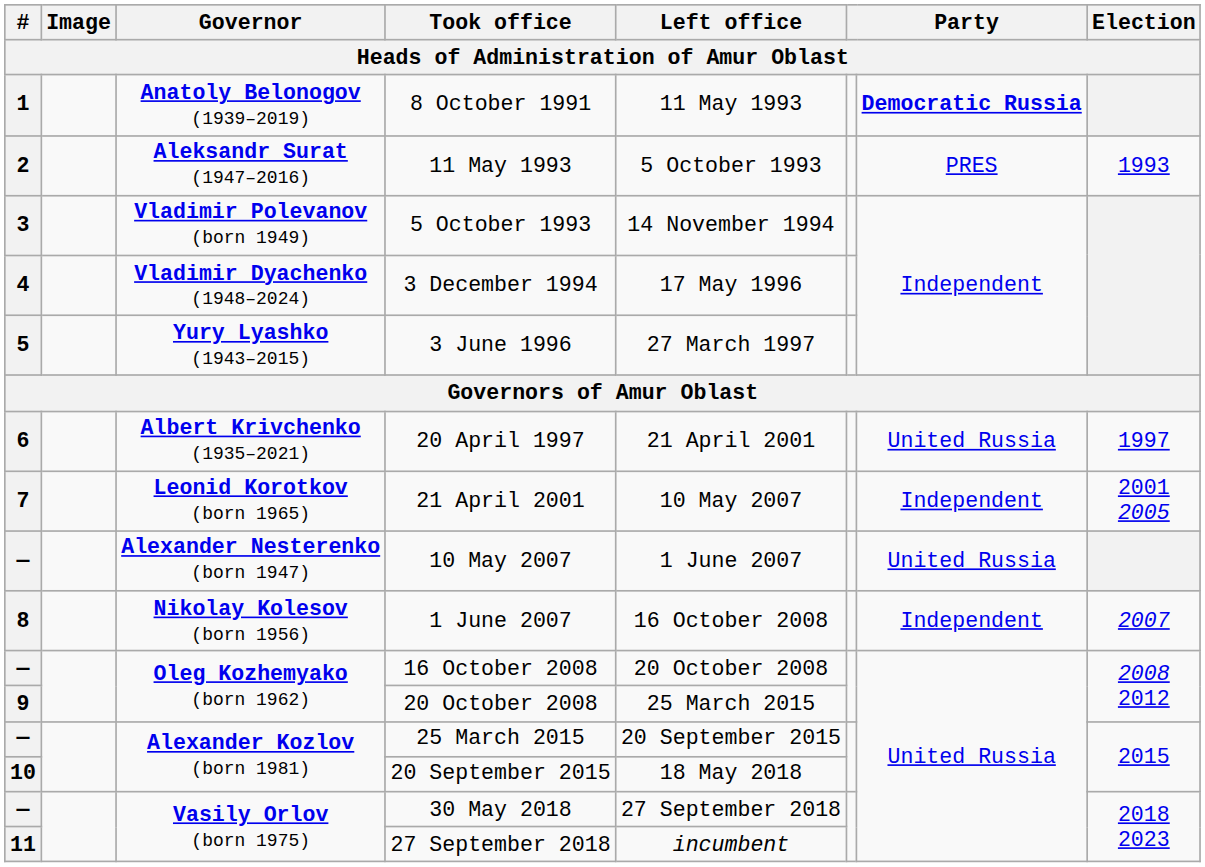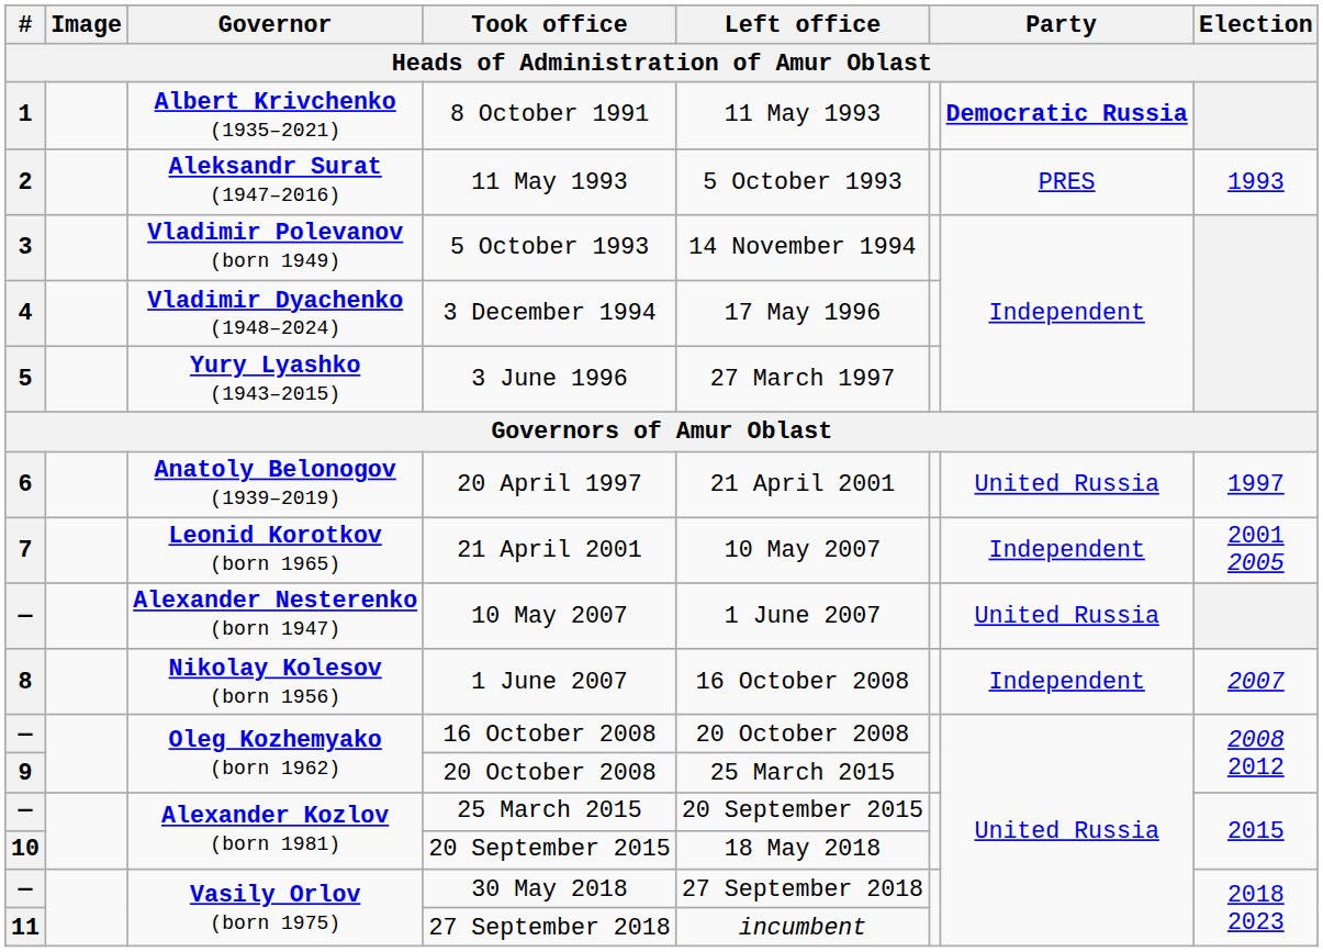 <table class="wikitable" style="text-align: center;">
 <tr>
 <th>#</th>
 <th>Image</th>
 <th>Governor</th>
 <th>Took office</th>
 <th>Left office</th>
 <th colspan=2>Party</th>
 <th>Election</th>
 </tr>
 <tr>
 <th colspan= 8>Heads of Administration of Amur Oblast</th>
 </tr>
 <tr>
 <th>1</th>
 <td></td>
-<td><strong><a href='#'>Anatoly Belonogov</a></strong><br><small>(1939–2019)</small></td>
+<td><strong><a href='#'>Albert Krivchenko</a></strong><br><small>(1935–2021)</small></td>
 <td>8 October 1991</td>
 <td>11 May 1993</td>
 <td style="background: "></td>
 <td><strong><a href='#'>Democratic Russia</a></strong></td>
 <th></th>
 </tr>
 <tr>
 <th>2</th>
 <td></td>
 <td><strong><a href='#'>Aleksandr Surat</a></strong><br><small>(1947–2016)</small></td>
 <td>11 May 1993</td>
 <td>5 October 1993</td>
 <td style="background: "></td>
 <td><a href='#'>PRES</a></td>
 <td><a href='#'>1993</a></td>
 </tr>
 <tr>
 <th>3</th>
 <td></td>
 <td><strong><a href='#'>Vladimir Polevanov</a></strong><br><small>(born 1949)</small></td>
 <td>5 October 1993</td>
 <td>14 November 1994</td>
 <td style="background: "></td>
 <td rowspan=3><a href='#'>Independent</a></td>
 <th rowspan=3></th>
 </tr>
 <tr>
 <th>4</th>
 <td></td>
 <td><strong><a href='#'>Vladimir Dyachenko</a></strong><br><small>(1948–2024)</small></td>
 <td>3 December 1994</td>
 <td>17 May 1996</td>
 <td style="background: "></td>
 </tr>
 <tr>
 <th>5</th>
 <td></td>
 <td><strong><a href='#'>Yury Lyashko</a></strong><br><small>(1943–2015)</small></td>
 <td>3 June 1996</td>
 <td>27 March 1997</td>
 <td style="background: "></td>
 </tr>
 <tr>
 <th colspan= 8>Governors of Amur Oblast</th>
 </tr>
 <tr>
 <th>6</th>
 <td></td>
-<td><strong><a href='#'>Albert Krivchenko</a></strong><br><small>(1935–2021)</small></td>
+<td><strong><a href='#'>Anatoly Belonogov</a></strong><br><small>(1939–2019)</small></td>
 <td>20 April 1997</td>
 <td>21 April 2001</td>
 <td style="background: "></td>
 <td><a href='#'>United Russia</a></td>
 <td><a href='#'>1997</a></td>
 </tr>
 <tr>
 <th>7</th>
 <td></td>
 <td><strong><a href='#'>Leonid Korotkov</a></strong><br><small>(born 1965)</small></td>
 <td>21 April 2001</td>
 <td>10 May 2007</td>
 <td style="background: "></td>
 <td><a href='#'>Independent</a></td>
 <td><a href='#'>2001</a><br><em><a href='#'>2005</a></em></td>
 </tr>
 <tr>
 <th>—</th>
 <td></td>
 <td><strong><a href='#'>Alexander Nesterenko</a></strong><br><small>(born 1947)</small></td>
 <td>10 May 2007</td>
 <td>1 June 2007</td>
 <td style="background: "></td>
 <td><a href='#'>United Russia</a></td>
 <th></th>
 </tr>
 <tr>
 <th>8</th>
 <td></td>
 <td><strong><a href='#'>Nikolay Kolesov</a></strong><br><small>(born 1956)</small></td>
 <td>1 June 2007</td>
 <td>16 October 2008</td>
 <td style="background: "></td>
 <td><a href='#'>Independent</a></td>
 <td><em><a href='#'>2007</a></em></td>
 </tr>
 <tr>
 <th>—</th>
 <td rowspan=2></td>
 <td rowspan=2><strong><a href='#'>Oleg Kozhemyako</a></strong><br><small>(born 1962)</small></td>
 <td>16 October 2008</td>
 <td>20 October 2008</td>
 <td rowspan=2; style="background: "></td>
 <td rowspan=6><a href='#'>United Russia</a></td>
 <td rowspan=2><em><a href='#'>2008</a></em><br><a href='#'>2012</a></td>
 </tr>
 <tr>
 <th>9</th>
 <td>20 October 2008</td>
 <td>25 March 2015</td>
 </tr>
 <tr>
 <th>—</th>
 <td rowspan=2></td>
 <td rowspan=2><strong><a href='#'>Alexander Kozlov</a></strong><br><small>(born 1981)</small></td>
 <td>25 March 2015</td>
 <td>20 September 2015</td>
 <td rowspan=2; style="background: "></td>
 <td rowspan=2><a href='#'>2015</a></td>
 </tr>
 <tr>
 <th>10</th>
 <td>20 September 2015</td>
 <td>18 May 2018</td>
 </tr>
 <tr>
 <th>—</th>
 <td rowspan=2></td>
 <td rowspan=2><strong><a href='#'>Vasily Orlov</a></strong><br><small>(born 1975)</small></td>
 <td>30 May 2018</td>
 <td>27 September 2018</td>
 <td rowspan=2; style="background: "></td>
 <td rowspan=2><a href='#'>2018</a><br><a href='#'>2023</a></td>
 </tr>
 <tr>
 <th>11</th>
 <td>27 September 2018</td>
 <td><em>incumbent</em></td>
 </tr>
 </table>
